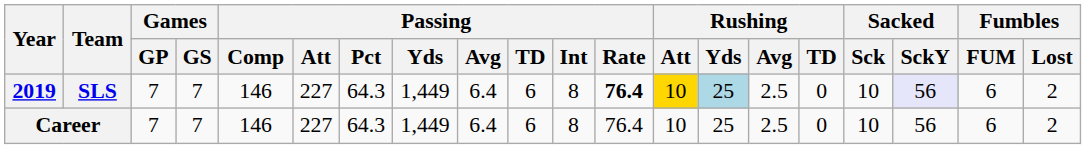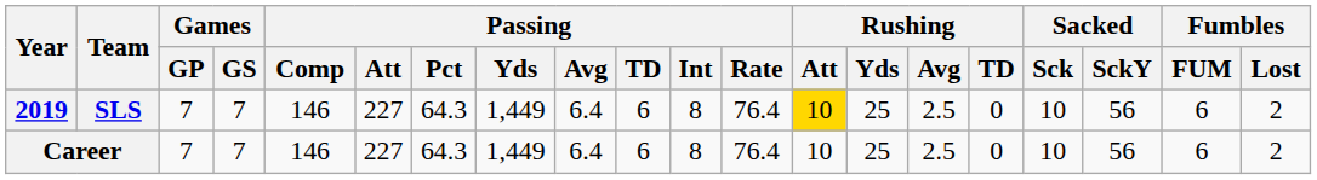 <table class="wikitable" style="text-align:center; width:50%">
 <tr>
 <th rowspan="2">Year</th>
 <th rowspan="2">Team</th>
 <th colspan="2">Games</th>
 <th colspan="8">Passing</th>
 <th colspan="4">Rushing</th>
 <th colspan="2">Sacked</th>
 <th colspan="2">Fumbles</th>
 </tr>
 <tr>
 <th>GP</th>
 <th>GS</th>
 <th>Comp</th>
 <th>Att</th>
 <th>Pct</th>
 <th>Yds</th>
 <th>Avg</th>
 <th>TD</th>
 <th>Int</th>
 <th>Rate</th>
 <th>Att</th>
 <th>Yds</th>
 <th>Avg</th>
 <th>TD</th>
 <th>Sck</th>
 <th>SckY</th>
 <th>FUM</th>
 <th>Lost</th>
 </tr>
 <tr>
 <th><a href='#'>2019</a></th>
 <th><a href='#'>SLS</a></th>
 <td>7</td>
 <td>7</td>
 <td>146</td>
 <td>227</td>
 <td>64.3</td>
 <td>1,449</td>
 <td>6.4</td>
 <td>6</td>
 <td>8</td>
-<td><strong>76.4</strong></td>
+<td>76.4</td>
 <td style="background: gold;">10</td>
-<td style="background: lightblue;">25</td>
+<td>25</td>
 <td>2.5</td>
 <td>0</td>
 <td>10</td>
-<td style="background: lavender;">56</td>
+<td>56</td>
 <td>6</td>
 <td>2</td>
 </tr>
 <tr>
 <th colspan="2">Career</th>
 <td>7</td>
 <td>7</td>
 <td>146</td>
 <td>227</td>
 <td>64.3</td>
 <td>1,449</td>
 <td>6.4</td>
 <td>6</td>
 <td>8</td>
 <td>76.4</td>
 <td>10</td>
 <td>25</td>
 <td>2.5</td>
 <td>0</td>
 <td>10</td>
 <td>56</td>
 <td>6</td>
 <td>2</td>
 </tr>
 </table>
